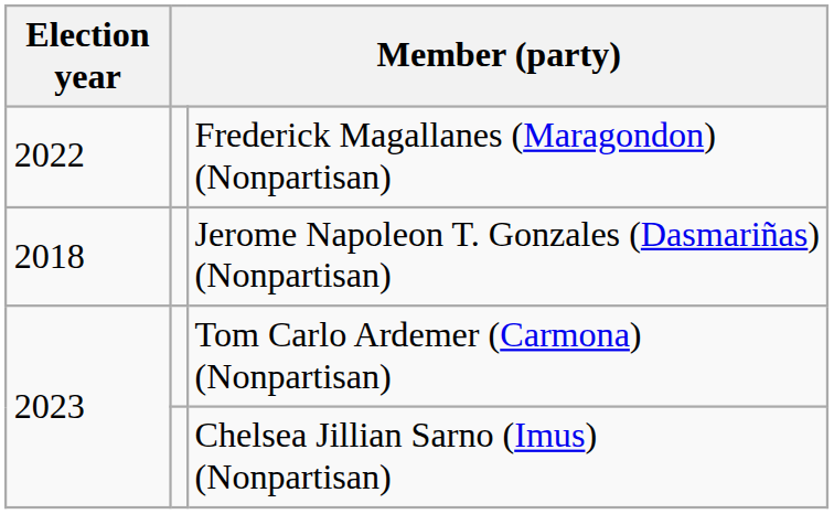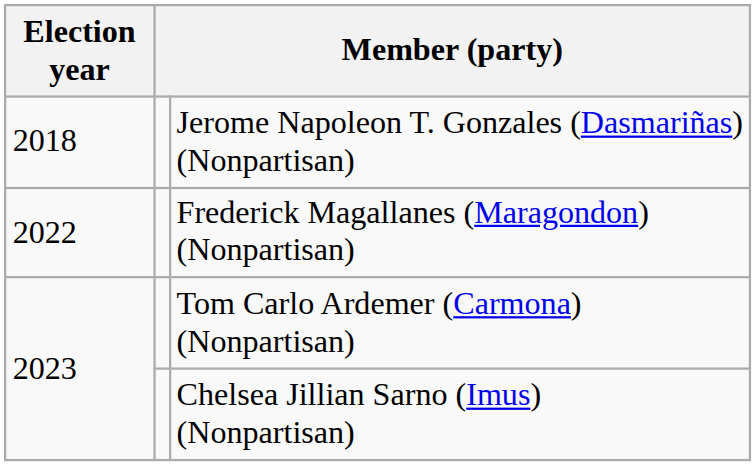 <table class="wikitable" style="font-size:90%">
 <tr>
 <th width="60px">Election<br>year</th>
 <th colspan="2" width="140px">Member (party)</th>
 </tr>
 <tr>
+<td>2018</td>
+<td></td>
+<td>Jerome Napoleon T. Gonzales (<a href='#'>Dasmariñas</a>)<br>(Nonpartisan)</td>
+</tr>
+<tr>
 <td>2022</td>
 <td></td>
 <td>Frederick Magallanes (<a href='#'>Maragondon</a>)<br>(Nonpartisan)</td>
-</tr>
-<tr>
-<td>2018</td>
-<td></td>
-<td>Jerome Napoleon T. Gonzales (<a href='#'>Dasmariñas</a>)<br>(Nonpartisan)</td>
 </tr>
 <tr>
 <td rowspan="2">2023</td>
 <td></td>
 <td>Tom Carlo Ardemer (<a href='#'>Carmona</a>)<br>(Nonpartisan)</td>
 </tr>
 <tr>
 <td></td>
 <td>Chelsea Jillian Sarno (<a href='#'>Imus</a>)<br>(Nonpartisan)</td>
 </tr>
 </table>
